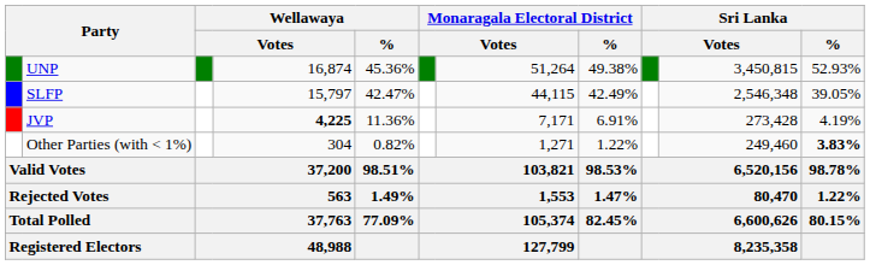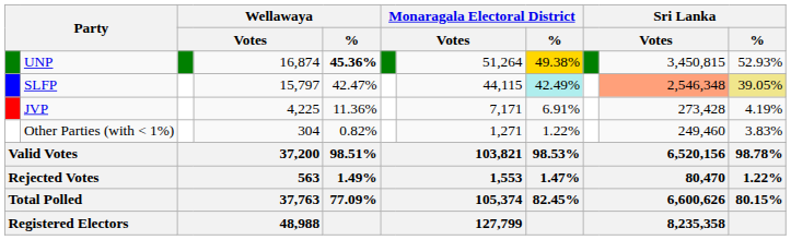 <table class="wikitable">
 <tr>
 <th colspan="2" width="144px"rowspan="2">Party</th>
 <th colspan="3" width="216px">Wellawaya</th>
 <th colspan="3" width="216px"><a href='#'>Monaragala Electoral District</a></th>
 <th colspan="3" width="216px">Sri Lanka</th>
 </tr>
 <tr>
 <th colspan="2" width="144px">Votes</th>
 <th>%</th>
 <th colspan="2" width="144px">Votes</th>
 <th>%</th>
 <th colspan="2" width="144px">Votes</th>
 <th>%</th>
 </tr>
 <tr>
 <td style="background-color:green;" width="10px"></td>
 <td style="text-align:left;"><a href='#'>UNP</a></td>
 <td style="background-color:green;" width="10px"></td>
 <td style="text-align:right;">16,874</td>
-<td style="text-align:right;">45.36%</td>
+<td style="text-align:right;"><strong>45.36%</strong></td>
 <td style="background-color:green;" width="10px"></td>
 <td style="text-align:right;">51,264</td>
-<td style="text-align:right;">49.38%</td>
+<td style="background: gold; text-align:right;">49.38%</td>
 <td style="background-color:green;" width="10px"></td>
 <td style="text-align:right;">3,450,815</td>
 <td style="text-align:right;">52.93%</td>
 </tr>
 <tr>
 <td style="background-color:blue;" width="10px"></td>
 <td style="text-align:left;"><a href='#'>SLFP</a></td>
 <td style="background-color:white;" width="10px"></td>
 <td style="text-align:right;">15,797</td>
 <td style="text-align:right;">42.47%</td>
 <td style="background-color:white;" width="10px"></td>
 <td style="text-align:right;">44,115</td>
-<td style="text-align:right;">42.49%</td>
+<td style="background: paleturquoise; text-align:right;">42.49%</td>
 <td style="background-color:white;" width="10px"></td>
-<td style="text-align:right;">2,546,348</td>
-<td style="text-align:right;">39.05%</td>
+<td style="background: lightsalmon; text-align:right;">2,546,348</td>
+<td style="background: khaki; text-align:right;">39.05%</td>
 </tr>
 <tr>
 <td style="background-color:red;" width="10px"></td>
 <td style="text-align:left;"><a href='#'>JVP</a></td>
 <td style="background-color:white;" width="10px"></td>
-<td style="text-align:right;"><strong>4,225</strong></td>
+<td style="text-align:right;">4,225</td>
 <td style="text-align:right;">11.36%</td>
 <td style="background-color:white;" width="10px"></td>
 <td style="text-align:right;">7,171</td>
 <td style="text-align:right;">6.91%</td>
 <td style="background-color:white;" width="10px"></td>
 <td style="text-align:right;">273,428</td>
 <td style="text-align:right;">4.19%</td>
 </tr>
 <tr>
 <td style="background-color:white;" width="10px"></td>
 <td style="text-align:left;">Other Parties (with < 1%)</td>
 <td style="background-color:white;" width="10px"></td>
 <td style="text-align:right;">304</td>
 <td style="text-align:right;">0.82%</td>
 <td style="background-color:white;" width="10px"></td>
 <td style="text-align:right;">1,271</td>
 <td style="text-align:right;">1.22%</td>
 <td style="background-color:white;" width="10px"></td>
 <td style="text-align:right;">249,460</td>
-<td style="text-align:right;"><strong>3.83%</strong></td>
+<td style="text-align:right;">3.83%</td>
 </tr>
 <tr>
 <th colspan="2" width="144px"style="text-align:left;">Valid Votes</th>
 <th style="text-align:right;"colspan="2" width="144px">37,200</th>
 <th style="text-align:right;">98.51%</th>
 <th style="text-align:right;"colspan="2" width="144px">103,821</th>
 <th style="text-align:right;">98.53%</th>
 <th style="text-align:right;"colspan="2" width="144px">6,520,156</th>
 <th style="text-align:right;">98.78%</th>
 </tr>
 <tr>
 <th colspan="2" width="144px"style="text-align:left;">Rejected Votes</th>
 <th style="text-align:right;"colspan="2" width="144px">563</th>
 <th style="text-align:right;">1.49%</th>
 <th style="text-align:right;"colspan="2" width="144px">1,553</th>
 <th style="text-align:right;">1.47%</th>
 <th style="text-align:right;"colspan="2" width="144px">80,470</th>
 <th style="text-align:right;">1.22%</th>
 </tr>
 <tr>
 <th colspan="2" width="144px"style="text-align:left;">Total Polled</th>
 <th style="text-align:right;"colspan="2" width="144px">37,763</th>
 <th style="text-align:right;">77.09%</th>
 <th style="text-align:right;"colspan="2" width="144px">105,374</th>
 <th style="text-align:right;">82.45%</th>
 <th style="text-align:right;"colspan="2" width="144px">6,600,626</th>
 <th style="text-align:right;">80.15%</th>
 </tr>
 <tr>
 <th colspan="2" width="144px"style="text-align:left;">Registered Electors</th>
 <th style="text-align:right;"colspan="2" width="144px">48,988</th>
 <th></th>
 <th style="text-align:right;"colspan="2" width="144px">127,799</th>
 <th></th>
 <th style="text-align:right;"colspan="2" width="144px">8,235,358</th>
 <th></th>
 </tr>
 </table>
